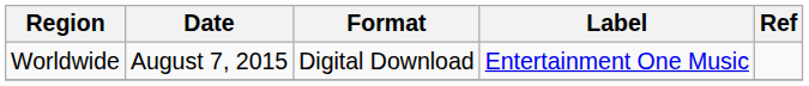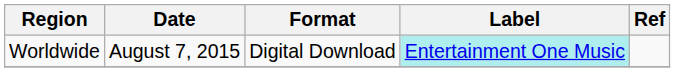 <table class="wikitable">
 <tr>
 <th>Region</th>
 <th>Date</th>
 <th>Format</th>
 <th>Label</th>
 <th>Ref</th>
 </tr>
 <tr>
 <td>Worldwide</td>
 <td>August 7, 2015</td>
 <td>Digital Download</td>
-<td><a href='#'>Entertainment One Music</a></td>
+<td style="background: paleturquoise;"><a href='#'>Entertainment One Music</a></td>
 <td></td>
 </tr>
 <tr>
 </tr>
 </table>
